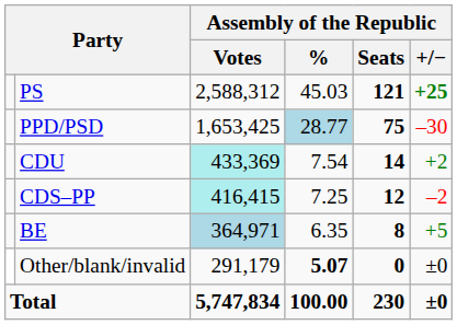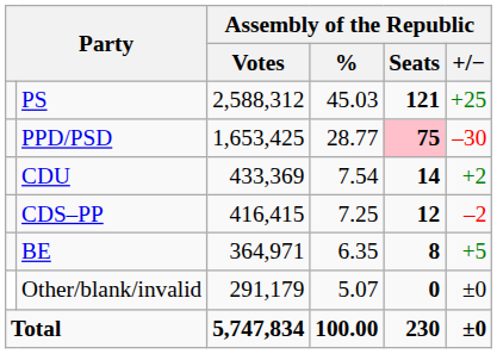 <table class="wikitable" style="text-align:right; font-size:95%;">
 <tr>
 <th colspan="2" rowspan="2">Party</th>
 <th colspan="4">Assembly of the Republic</th>
 </tr>
 <tr>
 <th>Votes</th>
 <th>%</th>
 <th>Seats</th>
 <th>+/−</th>
 </tr>
 <tr>
 <td style="background:"></td>
 <td align="left"><a href='#'>PS</a></td>
 <td>2,588,312</td>
 <td>45.03</td>
 <td><strong>121</strong></td>
-<td style="color:green;"><strong>+25</strong></td>
+<td style="color:green;">+25</td>
 </tr>
 <tr>
 <td style="background:"></td>
 <td align="left"><a href='#'>PPD/PSD</a></td>
 <td>1,653,425</td>
-<td style="background: lightblue;">28.77</td>
-<td><strong>75</strong></td>
+<td>28.77</td>
+<td style="background: pink;"><strong>75</strong></td>
 <td style="color:red;">–30</td>
 </tr>
 <tr>
 <td style="background:"></td>
 <td align="left"><a href='#'>CDU</a></td>
-<td style="background: paleturquoise;">433,369</td>
+<td>433,369</td>
 <td>7.54</td>
 <td><strong>14</strong></td>
 <td style="color:green;">+2</td>
 </tr>
 <tr>
 <td style="background:"></td>
 <td align="left"><a href='#'>CDS–PP</a></td>
-<td style="background: paleturquoise;">416,415</td>
+<td>416,415</td>
 <td>7.25</td>
 <td><strong>12</strong></td>
 <td style="color:red;">–2</td>
 </tr>
 <tr>
 <td style="background:"></td>
 <td align="left"><a href='#'>BE</a></td>
-<td style="background: lightblue;">364,971</td>
+<td>364,971</td>
 <td>6.35</td>
 <td><strong>8</strong></td>
 <td style="color:green;">+5</td>
 </tr>
 <tr>
 <td style="background:white;"></td>
 <td align="left">Other/blank/invalid</td>
 <td>291,179</td>
-<td><strong>5.07</strong></td>
+<td>5.07</td>
 <td><strong>0</strong></td>
 <td>±0</td>
 </tr>
 <tr style="font-weight:bold">
 <td colspan="2" align="left">Total</td>
 <td>5,747,834</td>
 <td>100.00</td>
 <td>230</td>
 <td>±0</td>
 </tr>
 </table>
